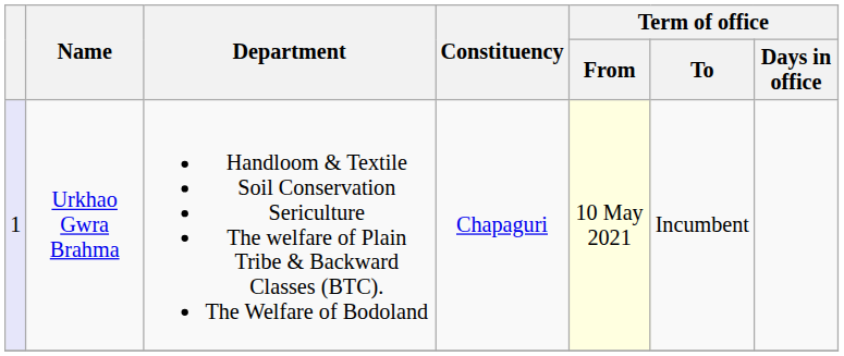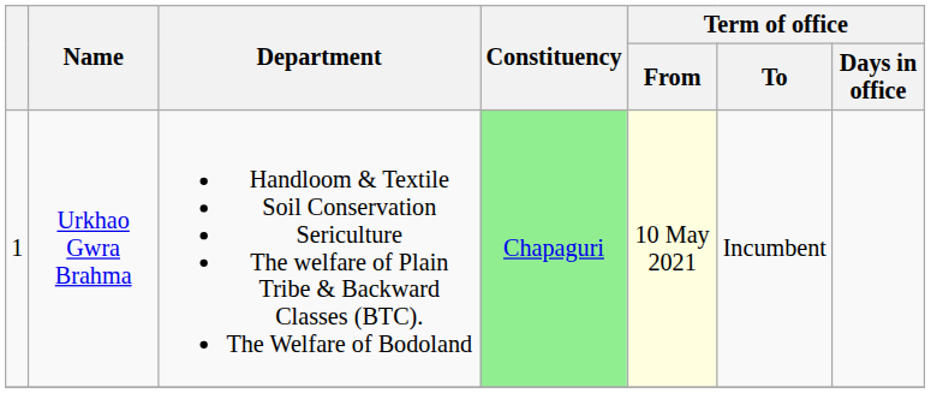 <table class="wikitable sortable"; style="text-align:center">
 <tr>
 <th rowspan=2 scope=col></th>
 <th rowspan=2>Name</th>
 <th rowspan=2>Department</th>
 <th rowspan=2>Constituency</th>
 <th colspan=3>Term of office</th>
 </tr>
 <tr>
 <th>From</th>
 <th>To</th>
 <th>Days in office</th>
 </tr>
 <tr>
-<td style="background: lavender;">1</td>
+<td>1</td>
 <td><a href='#'>Urkhao Gwra Brahma</a></td>
 <td><br><ul><li>Handloom & Textile</li><li>Soil Conservation</li><li>Sericulture</li><li>The welfare of Plain Tribe & Backward Classes (BTC).</li><li>The Welfare of Bodoland</li></ul></td>
-<td><a href='#'>Chapaguri</a></td>
+<td style="background: lightgreen;"><a href='#'>Chapaguri</a></td>
 <td style="background: lightyellow;">10 May 2021</td>
 <td>Incumbent</td>
 <td></td>
 </tr>
 <tr>
 </tr>
 </table>
